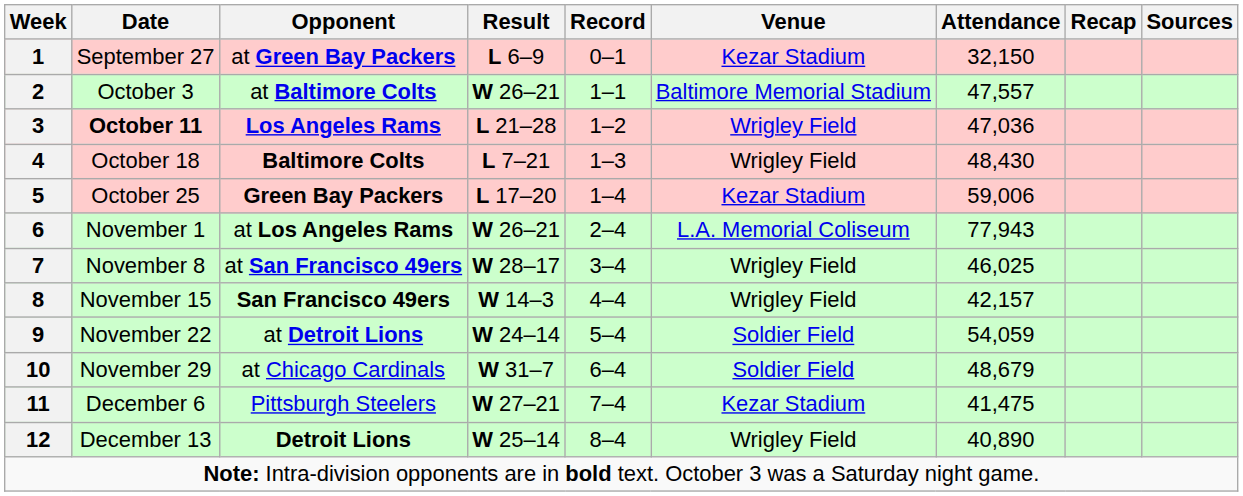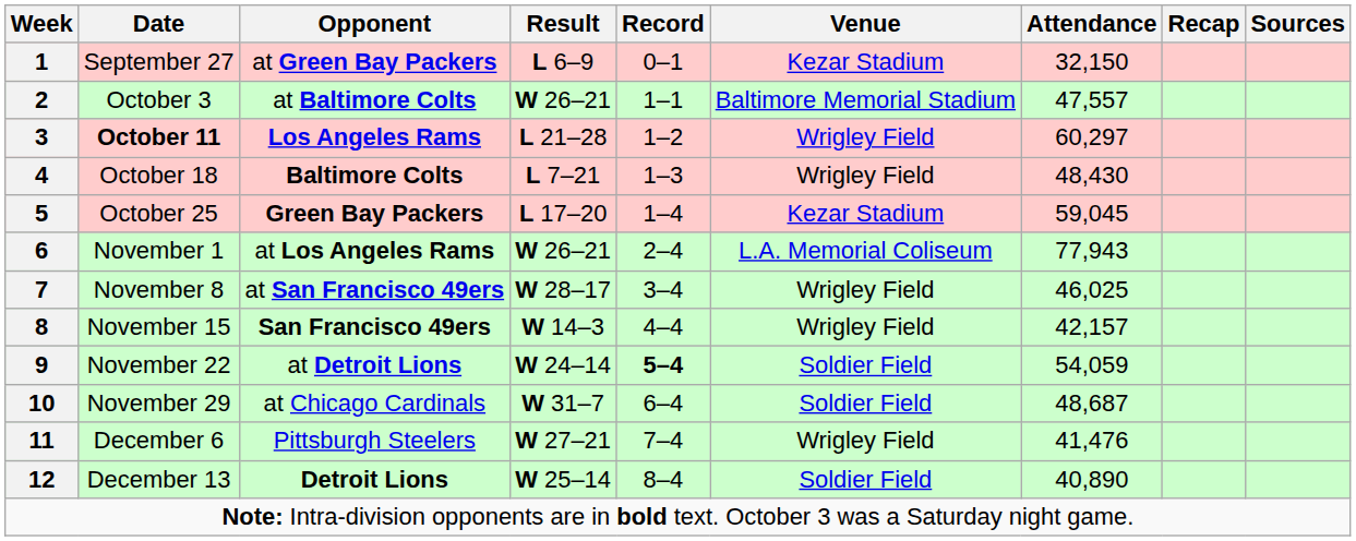 <table class="wikitable" style="text-align:center">
 <tr>
 <th>Week</th>
 <th>Date</th>
 <th>Opponent</th>
 <th>Result</th>
 <th>Record</th>
 <th>Venue</th>
 <th>Attendance</th>
 <th>Recap</th>
 <th>Sources</th>
 </tr>
 <tr style="background:#fcc">
 <th>1</th>
 <td>September 27</td>
 <td>at <strong><a href='#'>Green Bay Packers</a></strong></td>
 <td><strong>L</strong> 6–9</td>
 <td>0–1</td>
 <td><a href='#'>Kezar Stadium</a></td>
 <td>32,150</td>
 <td></td>
 <td></td>
 </tr>
 <tr style="background:#cfc">
 <th>2</th>
 <td>October 3</td>
 <td>at <strong><a href='#'>Baltimore Colts</a></strong></td>
 <td><strong>W</strong> 26–21</td>
 <td>1–1</td>
 <td><a href='#'>Baltimore Memorial Stadium</a></td>
 <td>47,557</td>
 <td></td>
 <td></td>
 </tr>
 <tr style="background:#fcc">
 <th>3</th>
 <td><strong>October 11</strong></td>
 <td><strong><a href='#'>Los Angeles Rams</a></strong></td>
 <td><strong>L</strong> 21–28</td>
 <td>1–2</td>
 <td><a href='#'>Wrigley Field</a></td>
-<td>47,036</td>
+<td>60,297</td>
 <td></td>
 <td></td>
 </tr>
 <tr style="background:#fcc">
 <th>4</th>
 <td>October 18</td>
 <td><strong>Baltimore Colts</strong></td>
 <td><strong>L</strong> 7–21</td>
 <td>1–3</td>
 <td>Wrigley Field</td>
 <td>48,430</td>
 <td></td>
 <td></td>
 </tr>
 <tr style="background:#fcc">
 <th>5</th>
 <td>October 25</td>
 <td><strong>Green Bay Packers</strong></td>
 <td><strong>L</strong> 17–20</td>
 <td>1–4</td>
 <td><a href='#'>Kezar Stadium</a></td>
-<td>59,006</td>
+<td>59,045</td>
 <td></td>
 <td></td>
 </tr>
 <tr style="background:#cfc">
 <th>6</th>
 <td>November 1</td>
 <td>at <strong>Los Angeles Rams</strong></td>
 <td><strong>W</strong> 26–21</td>
 <td>2–4</td>
 <td><a href='#'>L.A. Memorial Coliseum</a></td>
 <td>77,943</td>
 <td></td>
 <td></td>
 </tr>
 <tr style="background:#cfc">
 <th>7</th>
 <td>November 8</td>
 <td>at <strong><a href='#'>San Francisco 49ers</a></strong></td>
 <td><strong>W</strong> 28–17</td>
 <td>3–4</td>
 <td>Wrigley Field</td>
 <td>46,025</td>
 <td></td>
 <td></td>
 </tr>
 <tr style="background:#cfc">
 <th>8</th>
 <td>November 15</td>
 <td><strong>San Francisco 49ers</strong></td>
 <td><strong>W</strong> 14–3</td>
 <td>4–4</td>
 <td>Wrigley Field</td>
 <td>42,157</td>
 <td></td>
 <td></td>
 </tr>
 <tr style="background:#cfc">
 <th>9</th>
 <td>November 22</td>
 <td>at <strong><a href='#'>Detroit Lions</a></strong></td>
 <td><strong>W</strong> 24–14</td>
-<td>5–4</td>
+<td><strong>5–4</strong></td>
 <td><a href='#'>Soldier Field</a></td>
 <td>54,059</td>
 <td></td>
 <td></td>
 </tr>
 <tr style="background:#cfc">
 <th>10</th>
 <td>November 29</td>
 <td>at <a href='#'>Chicago Cardinals</a></td>
 <td><strong>W</strong> 31–7</td>
 <td>6–4</td>
 <td><a href='#'>Soldier Field</a></td>
-<td>48,679</td>
+<td>48,687</td>
 <td></td>
 <td></td>
 </tr>
 <tr style="background:#cfc">
 <th>11</th>
 <td>December 6</td>
 <td><a href='#'>Pittsburgh Steelers</a></td>
 <td><strong>W</strong> 27–21</td>
 <td>7–4</td>
-<td><a href='#'>Kezar Stadium</a></td>
-<td>41,475</td>
+<td>Wrigley Field</td>
+<td>41,476</td>
 <td></td>
 <td></td>
 </tr>
 <tr style="background:#cfc">
 <th>12</th>
 <td>December 13</td>
 <td><strong>Detroit Lions</strong></td>
 <td><strong>W</strong> 25–14</td>
 <td>8–4</td>
-<td>Wrigley Field</td>
+<td><a href='#'>Soldier Field</a></td>
 <td>40,890</td>
 <td></td>
 <td></td>
 </tr>
 <tr>
 <td colspan="10"><strong>Note:</strong> Intra-division opponents are in <strong>bold</strong> text. October 3 was a Saturday night game.</td>
 </tr>
 </table>
